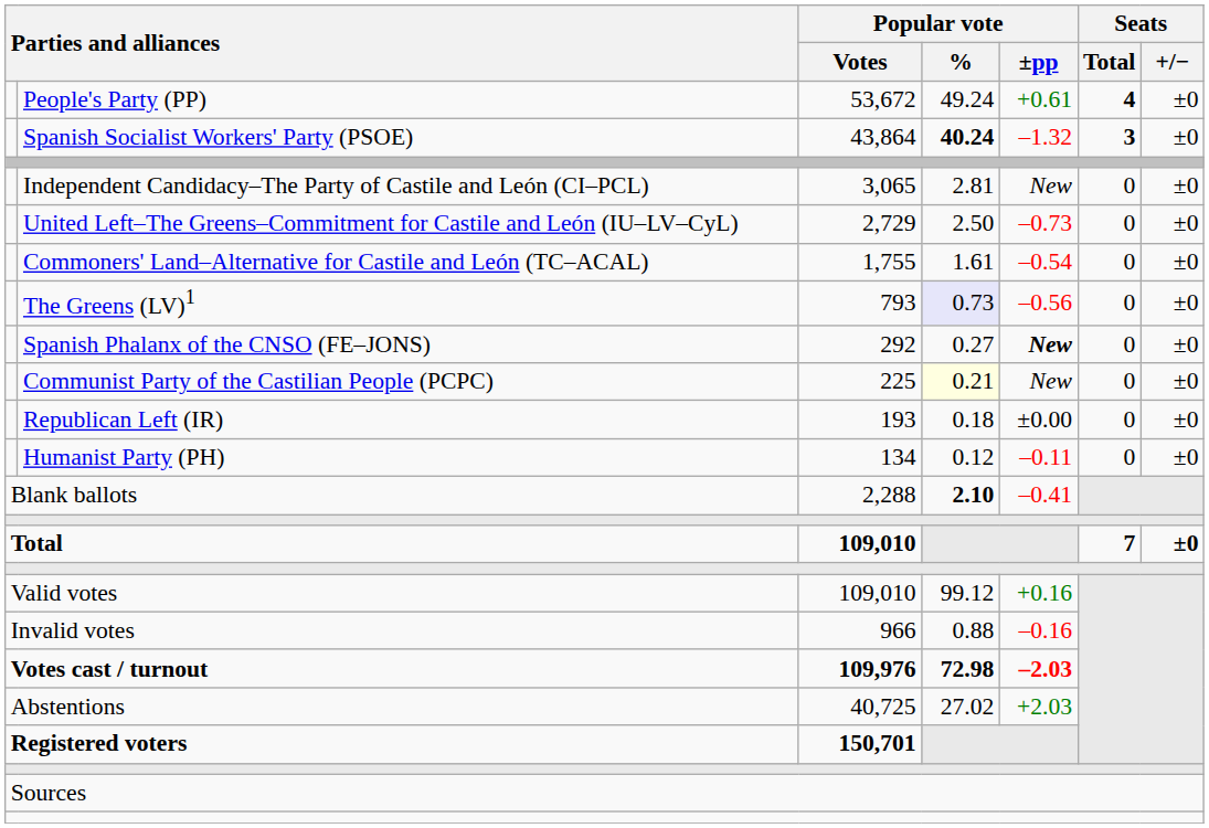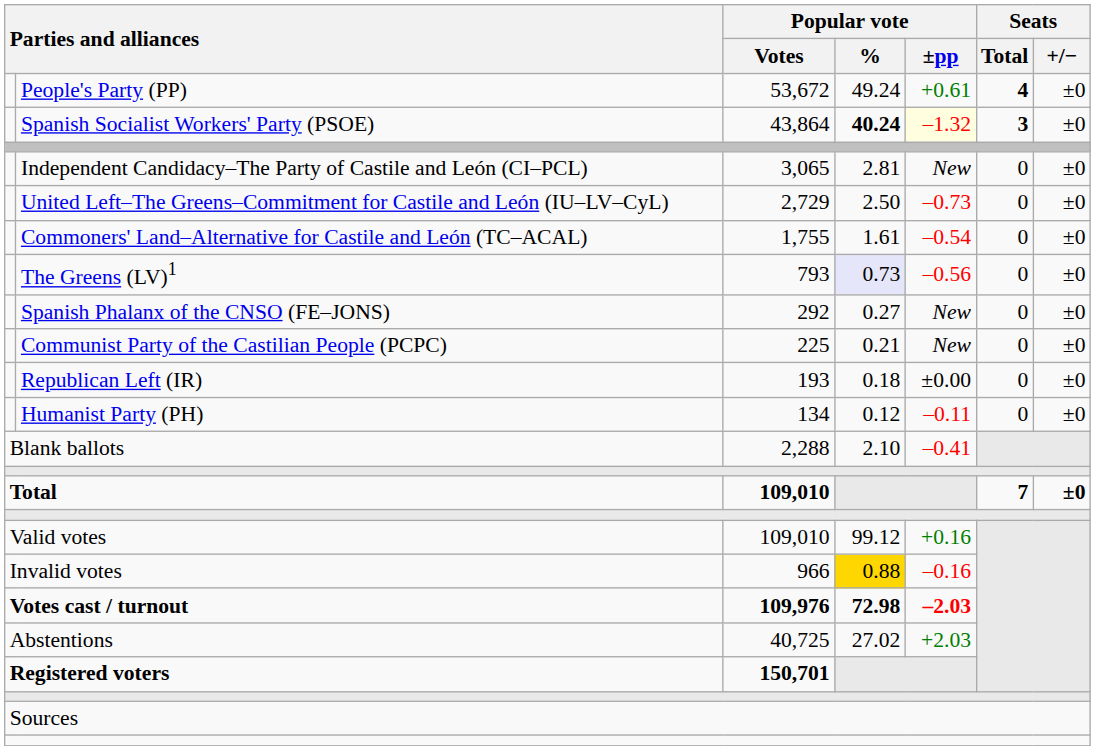 <table class="wikitable" style="text-align:right;">
 <tr>
 <th style="text-align:left;" rowspan="2" colspan="2" width="525">Parties and alliances</th>
 <th colspan="3">Popular vote</th>
 <th colspan="2">Seats</th>
 </tr>
 <tr>
 <th width="75">Votes</th>
 <th width="45">%</th>
 <th width="45">±<a href='#'>pp</a></th>
 <th width="35">Total</th>
 <th width="35">+/−</th>
 </tr>
 <tr>
 <td width="1" style="color:inherit;background:"></td>
 <td align="left"><a href='#'>People's Party</a> (PP)</td>
 <td>53,672</td>
 <td>49.24</td>
 <td style="color:green;">+0.61</td>
 <td><strong>4</strong></td>
 <td>±0</td>
 </tr>
 <tr>
 <td style="color:inherit;background:"></td>
 <td align="left"><a href='#'>Spanish Socialist Workers' Party</a> (PSOE)</td>
 <td>43,864</td>
 <td><strong>40.24</strong></td>
-<td style="color:red;">–1.32</td>
+<td style="background: lightyellow; color:red;">–1.32</td>
 <td><strong>3</strong></td>
 <td>±0</td>
 </tr>
 <tr>
 <td colspan="7" bgcolor="#C0C0C0"></td>
 </tr>
 <tr>
 <td style="color:inherit;background:"></td>
 <td align="left">Independent Candidacy–The Party of Castile and León (CI–PCL)</td>
 <td>3,065</td>
 <td>2.81</td>
 <td><em>New</em></td>
 <td>0</td>
 <td>±0</td>
 </tr>
 <tr>
 <td style="color:inherit;background:"></td>
 <td align="left"><a href='#'>United Left–The Greens–Commitment for Castile and León</a> (IU–LV–CyL)</td>
 <td>2,729</td>
 <td>2.50</td>
 <td style="color:red;">–0.73</td>
 <td>0</td>
 <td>±0</td>
 </tr>
 <tr>
 <td style="color:inherit;background:"></td>
 <td align="left"><a href='#'>Commoners' Land–Alternative for Castile and León</a> (TC–ACAL)</td>
 <td>1,755</td>
 <td>1.61</td>
 <td style="color:red;">–0.54</td>
 <td>0</td>
 <td>±0</td>
 </tr>
 <tr>
 <td style="color:inherit;background:"></td>
 <td align="left"><a href='#'>The Greens</a> (LV)<sup>1</sup></td>
 <td>793</td>
 <td style="background: lavender;">0.73</td>
 <td style="color:red;">–0.56</td>
 <td>0</td>
 <td>±0</td>
 </tr>
 <tr>
 <td style="color:inherit;background:"></td>
 <td align="left"><a href='#'>Spanish Phalanx of the CNSO</a> (FE–JONS)</td>
 <td>292</td>
 <td>0.27</td>
-<td><strong><em>New</em></strong></td>
+<td><em>New</em></td>
 <td>0</td>
 <td>±0</td>
 </tr>
 <tr>
 <td style="color:inherit;background:"></td>
 <td align="left"><a href='#'>Communist Party of the Castilian People</a> (PCPC)</td>
 <td>225</td>
-<td style="background: lightyellow;">0.21</td>
+<td>0.21</td>
 <td><em>New</em></td>
 <td>0</td>
 <td>±0</td>
 </tr>
 <tr>
 <td style="color:inherit;background:"></td>
 <td align="left"><a href='#'>Republican Left</a> (IR)</td>
 <td>193</td>
 <td>0.18</td>
 <td>±0.00</td>
 <td>0</td>
 <td>±0</td>
 </tr>
 <tr>
 <td style="color:inherit;background:"></td>
 <td align="left"><a href='#'>Humanist Party</a> (PH)</td>
 <td>134</td>
 <td>0.12</td>
 <td style="color:red;">–0.11</td>
 <td>0</td>
 <td>±0</td>
 </tr>
 <tr>
 <td align="left" colspan="2">Blank ballots</td>
 <td>2,288</td>
-<td><strong>2.10</strong></td>
+<td>2.10</td>
 <td style="color:red;">–0.41</td>
 <td bgcolor="#E9E9E9" colspan="2"></td>
 </tr>
 <tr>
 <td colspan="7" bgcolor="#E9E9E9"></td>
 </tr>
 <tr style="font-weight:bold;">
 <td align="left" colspan="2">Total</td>
 <td>109,010</td>
 <td bgcolor="#E9E9E9" colspan="2"></td>
 <td>7</td>
 <td>±0</td>
 </tr>
 <tr>
 <td colspan="7" bgcolor="#E9E9E9"></td>
 </tr>
 <tr>
 <td align="left" colspan="2">Valid votes</td>
 <td>109,010</td>
 <td>99.12</td>
 <td style="color:green;">+0.16</td>
 <td bgcolor="#E9E9E9" colspan="2" rowspan="5"></td>
 </tr>
 <tr>
 <td align="left" colspan="2">Invalid votes</td>
 <td>966</td>
-<td>0.88</td>
+<td style="background: gold;">0.88</td>
 <td style="color:red;">–0.16</td>
 </tr>
 <tr style="font-weight:bold;">
 <td align="left" colspan="2">Votes cast / turnout</td>
 <td>109,976</td>
 <td>72.98</td>
 <td style="color:red;">–2.03</td>
 </tr>
 <tr>
 <td align="left" colspan="2">Abstentions</td>
 <td>40,725</td>
 <td>27.02</td>
 <td style="color:green;">+2.03</td>
 </tr>
 <tr style="font-weight:bold;">
 <td align="left" colspan="2">Registered voters</td>
 <td>150,701</td>
 <td bgcolor="#E9E9E9" colspan="2"></td>
 </tr>
 <tr>
 <td colspan="7" bgcolor="#E9E9E9"></td>
 </tr>
 <tr>
 <td align="left" colspan="7">Sources</td>
 </tr>
 <tr>
 <td colspan="7" style="text-align:left; max-width:790px;"></td>
 </tr>
 </table>
